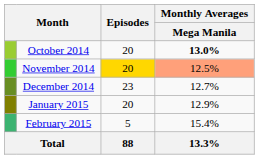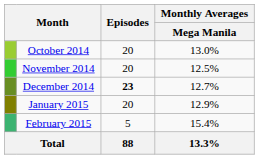 <table class="wikitable plainrowheaders" style="text-align: center; line-height:25px;">
 <tr class="wikitable" style="text-align: center;">
 <th colspan="2" rowspan="2" style="padding: 0 8px;">Month</th>
 <th rowspan="2" style="padding: 0 8px;">Episodes</th>
 <th colspan="2" style="padding: 0 8px;">Monthly Averages</th>
 </tr>
 <tr>
 <th style="padding: 0 8px;">Mega Manila</th>
 </tr>
 <tr>
 <td style="padding: 0 8px; background:#9ACD32;"></td>
 <td style="padding: 0 8px;" '><a href='#'>October 2014</a></td>
 <td style="padding: 0 8px;">20</td>
-<td style="padding: 0 8px;"><strong>13.0%</strong></td>
+<td style="padding: 0 8px;">13.0%</td>
 </tr>
 <tr>
 <td style="padding: 0 8px; background:#32CD32;"></td>
 <td style="padding: 0 8px;" '><a href='#'>November 2014</a></td>
-<td style="background: gold; padding: 0 8px;">20</td>
-<td style="background: lightsalmon; padding: 0 8px;">12.5%</td>
+<td style="padding: 0 8px;">20</td>
+<td style="padding: 0 8px;">12.5%</td>
 </tr>
 <tr>
 <td style="padding: 0 8px; background:#688E23;"></td>
 <td style="padding: 0 8px;" '><a href='#'>December 2014</a></td>
-<td style="padding: 0 8px;">23</td>
+<td style="padding: 0 8px;"><strong>23</strong></td>
 <td style="padding: 0 8px;">12.7%</td>
 </tr>
 <tr>
 <td style="padding: 0 8px; background:#808000;"></td>
 <td style="padding: 0 8px;" '><a href='#'>January 2015</a></td>
 <td style="padding: 0 8px;">20</td>
 <td style="padding: 0 8px;">12.9%</td>
 </tr>
 <tr>
 <td style="padding: 0 8px; background:#3CB371;"></td>
 <td style="padding: 0 8px;" '><a href='#'>February 2015</a></td>
 <td style="padding: 0 8px;">5</td>
 <td style="padding: 0 8px;">15.4%</td>
 </tr>
 <tr>
 <th colspan="2">Total</th>
 <th colspan="1">88</th>
 <th colspan="2">13.3%</th>
 </tr>
 </table>
